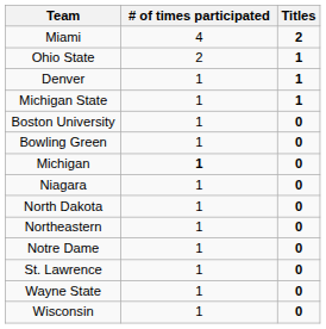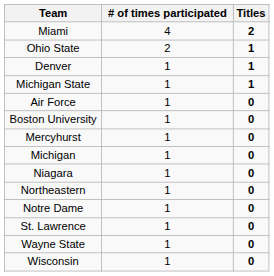 <table class="wikitable sortable" style="text-align:center" cellpadding=2 cellspacing=2 width=30%>
 <tr>
 <th>Team</th>
 <th># of times participated</th>
 <th><strong>Titles</strong></th>
 </tr>
 <tr>
 <td>Miami</td>
 <td>4</td>
 <td><strong>2</strong></td>
 </tr>
 <tr>
 <td>Ohio State</td>
 <td>2</td>
 <td><strong>1</strong></td>
 </tr>
 <tr>
 <td>Denver</td>
 <td>1</td>
 <td><strong>1</strong></td>
 </tr>
 <tr>
 <td>Michigan State</td>
 <td>1</td>
 <td><strong>1</strong></td>
 </tr>
 <tr>
+<td>Air Force</td>
+<td>1</td>
+<td><strong>0</strong></td>
+</tr>
+<tr>
 <td>Boston University</td>
 <td>1</td>
 <td><strong>0</strong></td>
 </tr>
 <tr>
-<td>Bowling Green</td>
+<td>Mercyhurst</td>
 <td>1</td>
 <td><strong>0</strong></td>
 </tr>
 <tr>
 <td>Michigan</td>
-<td><strong>1</strong></td>
+<td>1</td>
 <td><strong>0</strong></td>
 </tr>
 <tr>
 <td>Niagara</td>
-<td>1</td>
-<td><strong>0</strong></td>
-</tr>
-<tr>
-<td>North Dakota</td>
 <td>1</td>
 <td><strong>0</strong></td>
 </tr>
 <tr>
 <td>Northeastern</td>
 <td>1</td>
 <td><strong>0</strong></td>
 </tr>
 <tr>
 <td>Notre Dame</td>
 <td>1</td>
 <td><strong>0</strong></td>
 </tr>
 <tr>
 <td>St. Lawrence</td>
 <td>1</td>
 <td><strong>0</strong></td>
 </tr>
 <tr>
 <td>Wayne State</td>
 <td>1</td>
 <td><strong>0</strong></td>
 </tr>
 <tr>
 <td>Wisconsin</td>
 <td>1</td>
 <td><strong>0</strong></td>
 </tr>
 </table>
